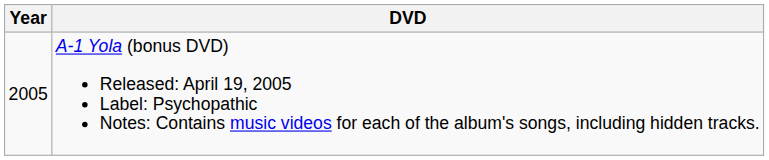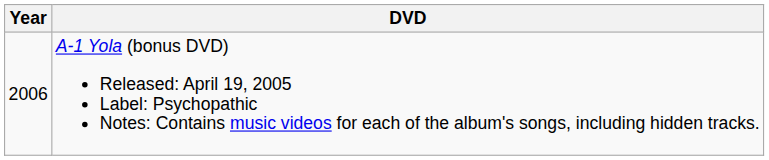 <table class="wikitable">
 <tr>
 <th>Year</th>
 <th>DVD</th>
 </tr>
 <tr>
-<td>2005</td>
+<td>2006</td>
 <td><em><a href='#'>A-1 Yola</a></em> (bonus DVD)<br><ul><li>Released: April 19, 2005</li><li>Label: Psychopathic</li><li>Notes: Contains <a href='#'>music videos</a> for each of the album's songs, including hidden tracks.</li></ul></td>
 </tr>
 </table>
